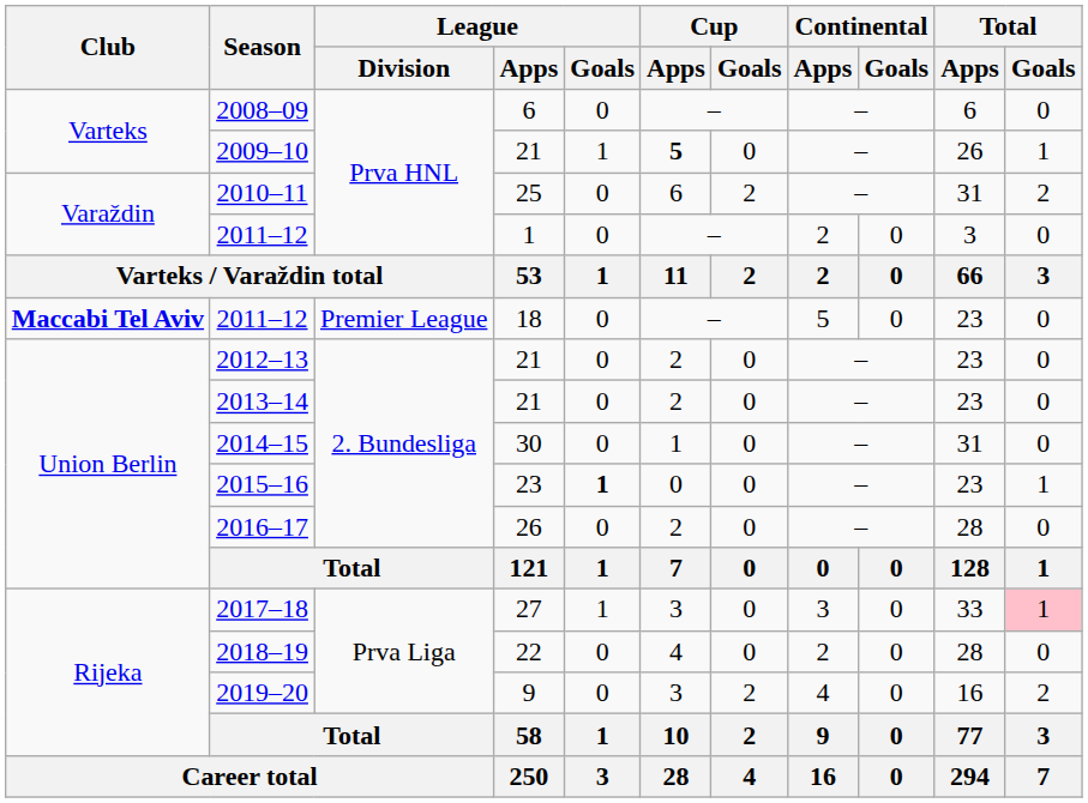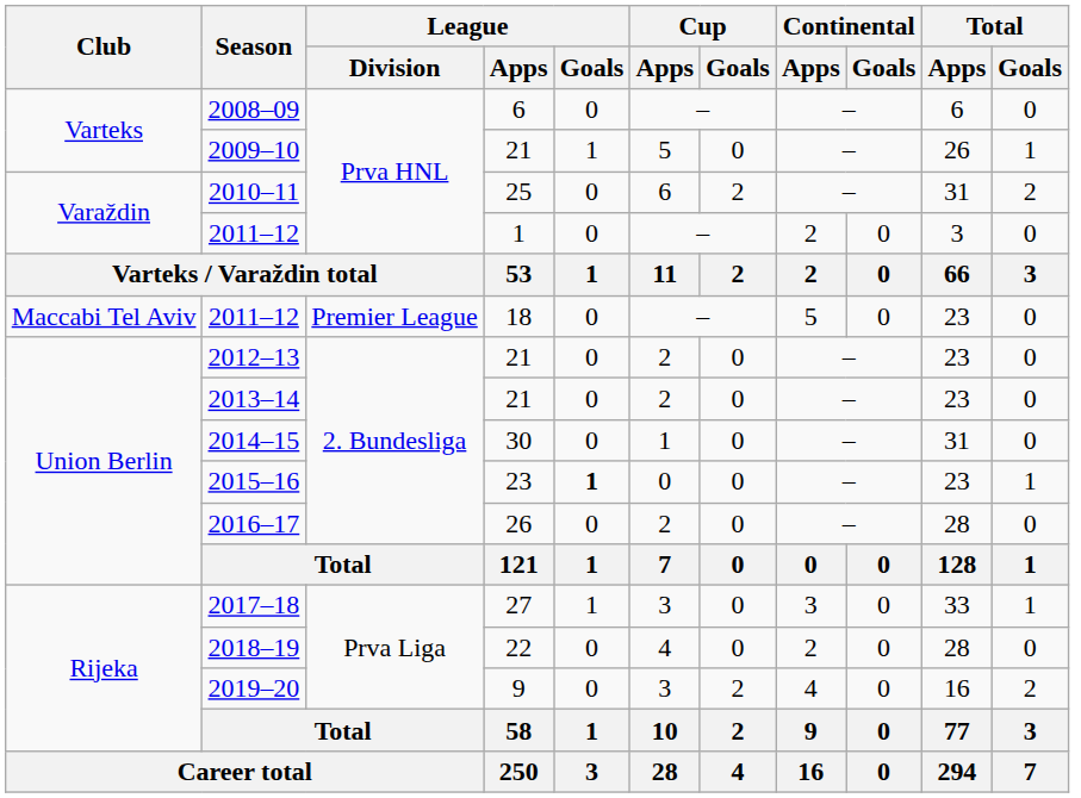 <table class="wikitable" style="text-align:center">
 <tr>
 <th rowspan="2">Club</th>
 <th rowspan="2">Season</th>
 <th colspan="3">League</th>
 <th colspan="2">Cup</th>
 <th colspan="2">Continental</th>
 <th colspan="2">Total</th>
 </tr>
 <tr>
 <th>Division</th>
 <th>Apps</th>
 <th>Goals</th>
 <th>Apps</th>
 <th>Goals</th>
 <th>Apps</th>
 <th>Goals</th>
 <th>Apps</th>
 <th>Goals</th>
 </tr>
 <tr>
 <td rowspan="2"><a href='#'>Varteks</a></td>
 <td><a href='#'>2008–09</a></td>
 <td rowspan="4"><a href='#'>Prva HNL</a></td>
 <td>6</td>
 <td>0</td>
 <td colspan="2">–</td>
 <td colspan="2">–</td>
 <td>6</td>
 <td>0</td>
 </tr>
 <tr>
 <td><a href='#'>2009–10</a></td>
 <td>21</td>
 <td>1</td>
-<td><strong>5</strong></td>
+<td>5</td>
 <td>0</td>
 <td colspan="2">–</td>
 <td>26</td>
 <td>1</td>
 </tr>
 <tr>
 <td rowspan="2"><a href='#'>Varaždin</a></td>
 <td><a href='#'>2010–11</a></td>
 <td>25</td>
 <td>0</td>
 <td>6</td>
 <td>2</td>
 <td colspan="2">–</td>
 <td>31</td>
 <td>2</td>
 </tr>
 <tr>
 <td><a href='#'>2011–12</a></td>
 <td>1</td>
 <td>0</td>
 <td colspan="2">–</td>
 <td>2</td>
 <td>0</td>
 <td>3</td>
 <td>0</td>
 </tr>
 <tr>
 <th colspan="3">Varteks / Varaždin total</th>
 <th>53</th>
 <th>1</th>
 <th>11</th>
 <th>2</th>
 <th>2</th>
 <th>0</th>
 <th>66</th>
 <th>3</th>
 </tr>
 <tr>
-<td><strong><a href='#'>Maccabi Tel Aviv</a></strong></td>
+<td><a href='#'>Maccabi Tel Aviv</a></td>
 <td><a href='#'>2011–12</a></td>
 <td><a href='#'>Premier League</a></td>
 <td>18</td>
 <td>0</td>
 <td colspan="2">–</td>
 <td>5</td>
 <td>0</td>
 <td>23</td>
 <td>0</td>
 </tr>
 <tr>
 <td rowspan="6"><a href='#'>Union Berlin</a></td>
 <td><a href='#'>2012–13</a></td>
 <td rowspan="5"><a href='#'>2. Bundesliga</a></td>
 <td>21</td>
 <td>0</td>
 <td>2</td>
 <td>0</td>
 <td colspan="2">–</td>
 <td>23</td>
 <td>0</td>
 </tr>
 <tr>
 <td><a href='#'>2013–14</a></td>
 <td>21</td>
 <td>0</td>
 <td>2</td>
 <td>0</td>
 <td colspan="2">–</td>
 <td>23</td>
 <td>0</td>
 </tr>
 <tr>
 <td><a href='#'>2014–15</a></td>
 <td>30</td>
 <td>0</td>
 <td>1</td>
 <td>0</td>
 <td colspan="2">–</td>
 <td>31</td>
 <td>0</td>
 </tr>
 <tr>
 <td><a href='#'>2015–16</a></td>
 <td>23</td>
 <td><strong>1</strong></td>
 <td>0</td>
 <td>0</td>
 <td colspan="2">–</td>
 <td>23</td>
 <td>1</td>
 </tr>
 <tr>
 <td><a href='#'>2016–17</a></td>
 <td>26</td>
 <td>0</td>
 <td>2</td>
 <td>0</td>
 <td colspan="2">–</td>
 <td>28</td>
 <td>0</td>
 </tr>
 <tr>
 <th colspan="2">Total</th>
 <th>121</th>
 <th>1</th>
 <th>7</th>
 <th>0</th>
 <th>0</th>
 <th>0</th>
 <th>128</th>
 <th>1</th>
 </tr>
 <tr>
 <td rowspan="4"><a href='#'>Rijeka</a></td>
 <td><a href='#'>2017–18</a></td>
 <td rowspan="3">Prva Liga</td>
 <td>27</td>
 <td>1</td>
 <td>3</td>
 <td>0</td>
 <td>3</td>
 <td>0</td>
 <td>33</td>
-<td style="background: pink;">1</td>
+<td>1</td>
 </tr>
 <tr>
 <td><a href='#'>2018–19</a></td>
 <td>22</td>
 <td>0</td>
 <td>4</td>
 <td>0</td>
 <td>2</td>
 <td>0</td>
 <td>28</td>
 <td>0</td>
 </tr>
 <tr>
 <td><a href='#'>2019–20</a></td>
 <td>9</td>
 <td>0</td>
 <td>3</td>
 <td>2</td>
 <td>4</td>
 <td>0</td>
 <td>16</td>
 <td>2</td>
 </tr>
 <tr>
 <th colspan="2">Total</th>
 <th>58</th>
 <th>1</th>
 <th>10</th>
 <th>2</th>
 <th>9</th>
 <th>0</th>
 <th>77</th>
 <th>3</th>
 </tr>
 <tr>
 <th colspan="3">Career total</th>
 <th>250</th>
 <th>3</th>
 <th>28</th>
 <th>4</th>
 <th>16</th>
 <th>0</th>
 <th>294</th>
 <th>7</th>
 </tr>
 </table>
